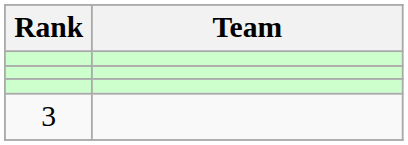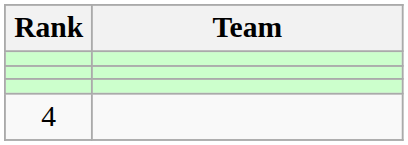 <table class=wikitable style="text-align:center;">
 <tr>
 <th width=40>Rank</th>
 <th width=160>Team</th>
 </tr>
 <tr bgcolor="#ccffcc">
 <td></td>
 <td align=left></td>
 </tr>
 <tr bgcolor="#ccffcc">
 <td></td>
 <td align=left></td>
 </tr>
 <tr bgcolor="#ccffcc">
 <td></td>
 <td align=left></td>
 </tr>
 <tr>
-<td>3</td>
+<td>4</td>
 <td align=left></td>
 </tr>
 </table>
